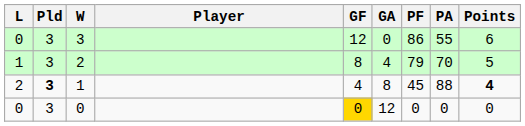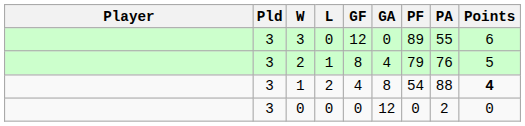 <table class=wikitable style="text-align:center">
 <tr>
-<th width=20>L</th>
+<th width=220>Player</th>
 <th width=20>Pld</th>
 <th width=20>W</th>
-<th width=220>Player</th>
+<th width=20>L</th>
 <th width=20>GF</th>
 <th width=20>GA</th>
 <th width=20>PF</th>
 <th width=20>PA</th>
 <th width=50>Points</th>
 </tr>
 <tr bgcolor="#ccffcc">
-<td>0</td>
+<td align=left></td>
 <td>3</td>
 <td>3</td>
-<td align=left></td>
+<td>0</td>
 <td>12</td>
 <td>0</td>
-<td>86</td>
+<td>89</td>
 <td>55</td>
 <td>6</td>
 </tr>
 <tr bgcolor="#ccffcc">
-<td>1</td>
+<td align=left></td>
 <td>3</td>
 <td>2</td>
-<td align=left></td>
+<td>1</td>
 <td>8</td>
 <td>4</td>
 <td>79</td>
-<td>70</td>
+<td>76</td>
 <td>5</td>
 </tr>
 <tr>
+<td align=left></td>
+<td>3</td>
+<td>1</td>
 <td>2</td>
-<td><strong>3</strong></td>
-<td>1</td>
-<td align=left></td>
 <td>4</td>
 <td>8</td>
-<td>45</td>
+<td>54</td>
 <td>88</td>
 <td><strong>4</strong></td>
 </tr>
 <tr>
-<td>0</td>
+<td align=left></td>
 <td>3</td>
-<td>0</td>
-<td align=left></td>
-<td style="background: gold;">0</td>
-<td>12</td>
 <td>0</td>
 <td>0</td>
 <td>0</td>
+<td>12</td>
+<td>0</td>
+<td>2</td>
+<td>0</td>
 </tr>
 </table>
